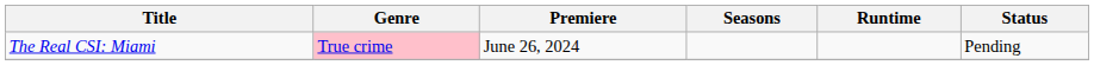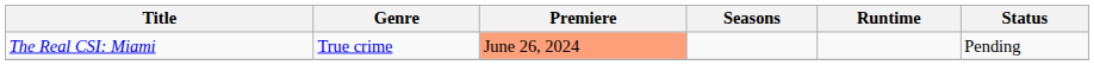 <table class="wikitable sortable" style="width:80%;">
 <tr>
 <th>Title</th>
 <th>Genre</th>
 <th>Premiere</th>
 <th>Seasons</th>
 <th>Runtime</th>
 <th>Status</th>
 </tr>
 <tr>
 <td><em><a href='#'>The Real CSI: Miami</a></em></td>
-<td style="background: pink;"><a href='#'>True crime</a></td>
-<td>June 26, 2024</td>
+<td><a href='#'>True crime</a></td>
+<td style="background: lightsalmon;">June 26, 2024</td>
 <td></td>
 <td></td>
 <td>Pending</td>
 </tr>
 <tr>
 </tr>
 </table>
